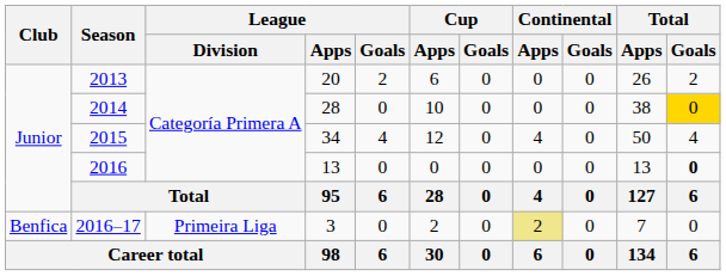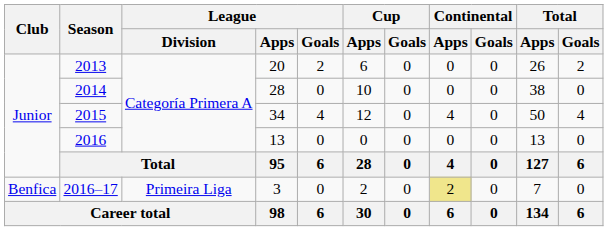 <table class="wikitable" style="text-align:center">
 <tr>
 <th rowspan="2">Club</th>
 <th rowspan="2">Season</th>
 <th colspan="3">League</th>
 <th colspan="2">Cup</th>
 <th colspan="2">Continental</th>
 <th colspan="2">Total</th>
 </tr>
 <tr>
 <th>Division</th>
 <th>Apps</th>
 <th>Goals</th>
 <th>Apps</th>
 <th>Goals</th>
 <th>Apps</th>
 <th>Goals</th>
 <th>Apps</th>
 <th>Goals</th>
 </tr>
 <tr>
 <td rowspan="5"><a href='#'>Junior</a></td>
 <td><a href='#'>2013</a></td>
 <td rowspan="4"><a href='#'>Categoría Primera A</a></td>
 <td>20</td>
 <td>2</td>
 <td>6</td>
 <td>0</td>
 <td>0</td>
 <td>0</td>
 <td>26</td>
 <td>2</td>
 </tr>
 <tr>
 <td><a href='#'>2014</a></td>
 <td>28</td>
 <td>0</td>
 <td>10</td>
 <td>0</td>
 <td>0</td>
 <td>0</td>
 <td>38</td>
-<td style="background: gold;">0</td>
+<td>0</td>
 </tr>
 <tr>
 <td><a href='#'>2015</a></td>
 <td>34</td>
 <td>4</td>
 <td>12</td>
 <td>0</td>
 <td>4</td>
 <td>0</td>
 <td>50</td>
 <td>4</td>
 </tr>
 <tr>
 <td><a href='#'>2016</a></td>
 <td>13</td>
 <td>0</td>
 <td>0</td>
 <td>0</td>
 <td>0</td>
 <td>0</td>
 <td>13</td>
-<td><strong>0</strong></td>
+<td>0</td>
 </tr>
 <tr>
 <th colspan=2>Total</th>
 <th>95</th>
 <th>6</th>
 <th>28</th>
 <th>0</th>
 <th>4</th>
 <th>0</th>
 <th>127</th>
 <th>6</th>
 </tr>
 <tr>
 <td><a href='#'>Benfica</a></td>
 <td><a href='#'>2016–17</a></td>
 <td><a href='#'>Primeira Liga</a></td>
 <td>3</td>
 <td>0</td>
 <td>2</td>
 <td>0</td>
 <td style="background: khaki;">2</td>
 <td>0</td>
 <td>7</td>
 <td>0</td>
 </tr>
 <tr>
 <th colspan=3>Career total</th>
 <th>98</th>
 <th>6</th>
 <th>30</th>
 <th>0</th>
 <th>6</th>
 <th>0</th>
 <th>134</th>
 <th>6</th>
 </tr>
 </table>
